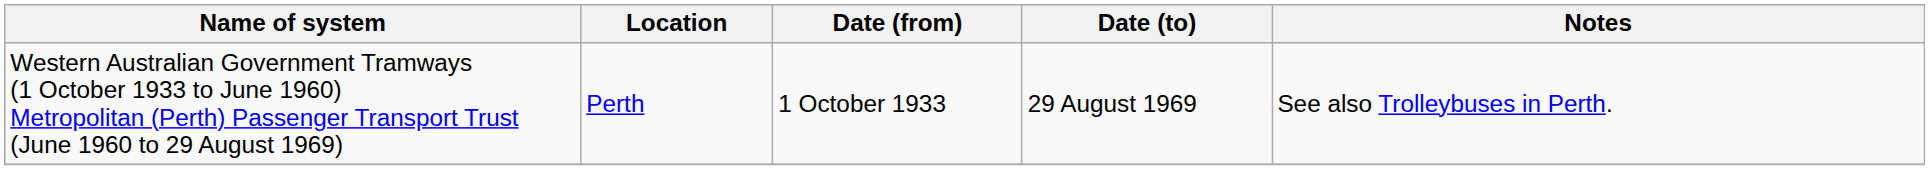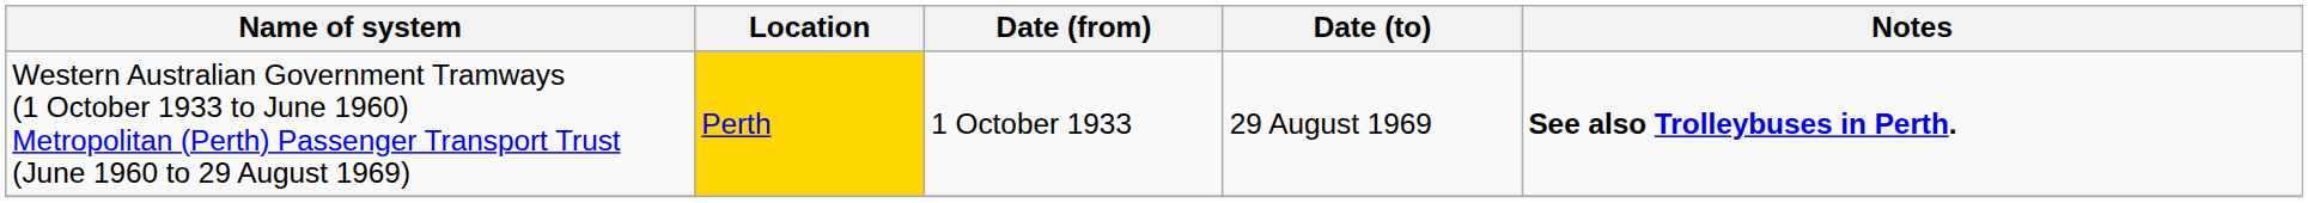 <table class="wikitable" width=100%>
 <tr>
 <th width=30%>Name of system</th>
 <th width=10%>Location</th>
 <th width=13%>Date (from)</th>
 <th width=13%>Date (to)</th>
 <th width=34%>Notes</th>
 </tr>
 <tr>
 <td>Western Australian Government Tramways<br>(1 October 1933 to June 1960)<br><a href='#'>Metropolitan (Perth) Passenger Transport Trust</a><br>(June 1960 to 29 August 1969)</td>
-<td><a href='#'>Perth</a></td>
+<td style="background: gold;"><a href='#'>Perth</a></td>
 <td>1 October 1933</td>
 <td>29 August 1969</td>
-<td>See also <a href='#'>Trolleybuses in Perth</a>.</td>
+<td><strong>See also <a href='#'>Trolleybuses in Perth</a>.</strong></td>
 </tr>
 <tr>
 </tr>
 </table>
